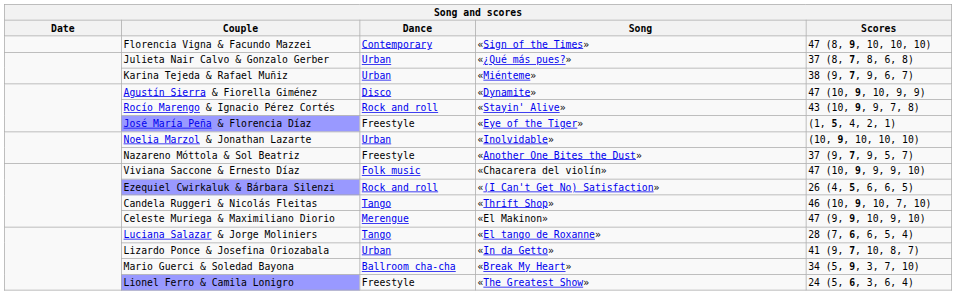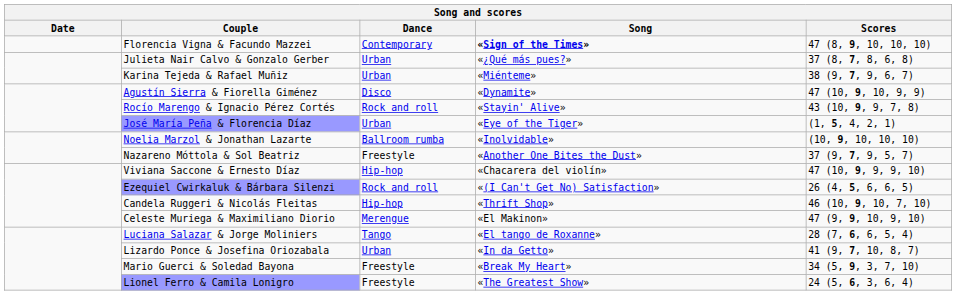 <table class="wikitable collapsible collapsed" style=" text-align: align; width: 100%;">
 <tr>
 <th colspan="11" style="with: 100%;" align="center">Song and scores</th>
 </tr>
 <tr>
 <th width=95>Date</th>
 <th width=200>Couple<br></th>
 <th width=80>Dance</th>
 <th width=280>Song</th>
 <th width=120>Scores</th>
 </tr>
 <tr>
 <td></td>
 <td>Florencia Vigna & Facundo Mazzei<br></td>
 <td><a href='#'>Contemporary</a></td>
-<td>«<a href='#'>Sign of the Times</a>» </td>
+<td><strong>«<a href='#'>Sign of the Times</a>» </strong></td>
 <td>47 (8, <strong>9</strong>, 10, 10, 10)</td>
 </tr>
 <tr>
 <td rowspan="2"></td>
 <td>Julieta Nair Calvo & Gonzalo Gerber<br></td>
 <td><a href='#'>Urban</a></td>
 <td>«<a href='#'>¿Qué más pues?</a>» </td>
 <td>37 (8, <strong>7</strong>, 8, 6, 8)</td>
 </tr>
 <tr>
 <td>Karina Tejeda & Rafael Muñiz<br></td>
 <td><a href='#'>Urban</a></td>
 <td>«<a href='#'>Miénteme</a>» </td>
 <td>38 (9, <strong>7</strong>, 9, 6, 7)</td>
 </tr>
 <tr>
 <td rowspan="3"></td>
 <td><a href='#'>Agustín Sierra</a> & Fiorella Giménez<br></td>
 <td><a href='#'>Disco</a></td>
 <td>«<a href='#'>Dynamite</a>» </td>
 <td>47 (10, <strong>9</strong>, 10, 9, 9)</td>
 </tr>
 <tr>
 <td><a href='#'>Rocío Marengo</a> & Ignacio Pérez Cortés<br></td>
 <td><a href='#'>Rock and roll</a></td>
 <td>«<a href='#'>Stayin' Alive</a>» </td>
 <td>43 (10, <strong>9</strong>, 9, 7, 8)</td>
 </tr>
 <tr>
 <td bgcolor="#9999FF"><a href='#'>José María Peña</a> & Florencia Díaz<br></td>
-<td>Freestyle<br></td>
+<td><a href='#'>Urban</a></td>
 <td>«<a href='#'>Eye of the Tiger</a>» </td>
 <td> (1, <strong>5</strong>, 4, 2, 1)</td>
 </tr>
 <tr>
 <td rowspan="2"></td>
 <td><a href='#'>Noelia Marzol</a> & Jonathan Lazarte<br></td>
-<td><a href='#'>Urban</a></td>
+<td><a href='#'>Ballroom rumba</a></td>
 <td>«<a href='#'>Inolvidable</a>» </td>
 <td> (10, <strong>9</strong>, 10, 10, 10)</td>
 </tr>
 <tr>
 <td>Nazareno Móttola & Sol Beatriz<br></td>
 <td>Freestyle<br></td>
 <td>«<a href='#'>Another One Bites the Dust</a>» </td>
 <td>37 (9, <strong>7</strong>, 9, 5, 7)</td>
 </tr>
 <tr>
 <td rowspan="4"></td>
 <td>Viviana Saccone & Ernesto Díaz<br></td>
-<td><a href='#'>Folk music</a><br></td>
+<td><a href='#'>Hip-hop</a></td>
 <td>«Chacarera del violín» </td>
 <td>47 (10, <strong>9</strong>, 9, 9, 10)</td>
 </tr>
 <tr>
 <td bgcolor="#9999FF">Ezequiel Cwirkaluk & Bárbara Silenzi<br></td>
 <td><a href='#'>Rock and roll</a></td>
 <td>«<a href='#'>(I Can't Get No) Satisfaction</a>» </td>
 <td>26 (4, <strong>5</strong>, 6, 6, 5)</td>
 </tr>
 <tr>
 <td>Candela Ruggeri & Nicolás Fleitas<br></td>
-<td><a href='#'>Tango</a></td>
+<td><a href='#'>Hip-hop</a></td>
 <td>«<a href='#'>Thrift Shop</a>» </td>
 <td>46 (10, <strong>9</strong>, 10, 7, 10)</td>
 </tr>
 <tr>
 <td>Celeste Muriega & Maximiliano Diorio<br></td>
 <td><a href='#'>Merengue</a></td>
 <td>«El Makinon» </td>
 <td>47 (9, <strong>9</strong>, 10, 9, 10)</td>
 </tr>
 <tr>
 <td rowspan="4"></td>
 <td><a href='#'>Luciana Salazar</a> & Jorge Moliniers<br></td>
 <td><a href='#'>Tango</a></td>
 <td>«<a href='#'>El tango de Roxanne</a>» </td>
 <td>28 (7, <strong>6</strong>, 6, 5, 4)</td>
 </tr>
 <tr>
 <td>Lizardo Ponce & Josefina Oriozabala<br></td>
 <td><a href='#'>Urban</a></td>
 <td>«<a href='#'>In da Getto</a>» </td>
 <td>41 (9, <strong>7</strong>, 10, 8, 7)</td>
 </tr>
 <tr>
 <td>Mario Guerci & Soledad Bayona<br></td>
-<td><a href='#'>Ballroom cha-cha</a></td>
+<td>Freestyle<br></td>
 <td>«<a href='#'>Break My Heart</a>» </td>
 <td>34 (5, <strong>9</strong>, 3, 7, 10)</td>
 </tr>
 <tr>
 <td bgcolor="#9999FF">Lionel Ferro & Camila Lonigro<br></td>
 <td>Freestyle<br></td>
 <td>«<a href='#'>The Greatest Show</a>» </td>
 <td>24 (5, <strong>6</strong>, 3, 6, 4)</td>
 </tr>
 </table>
